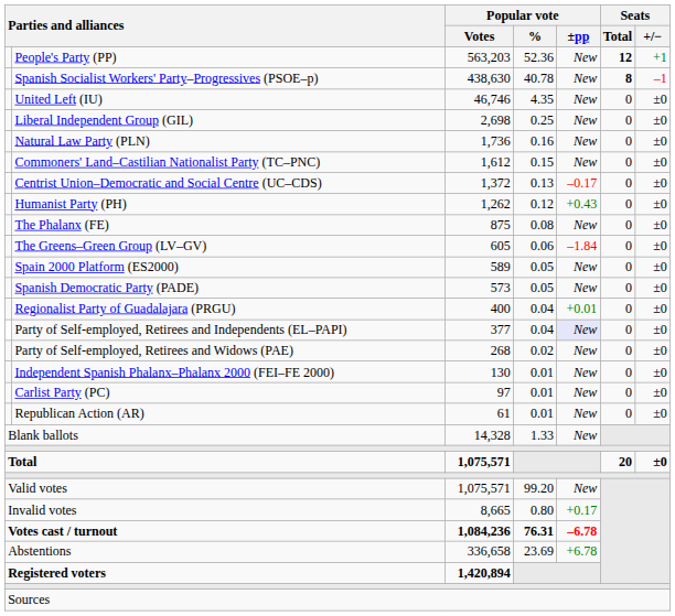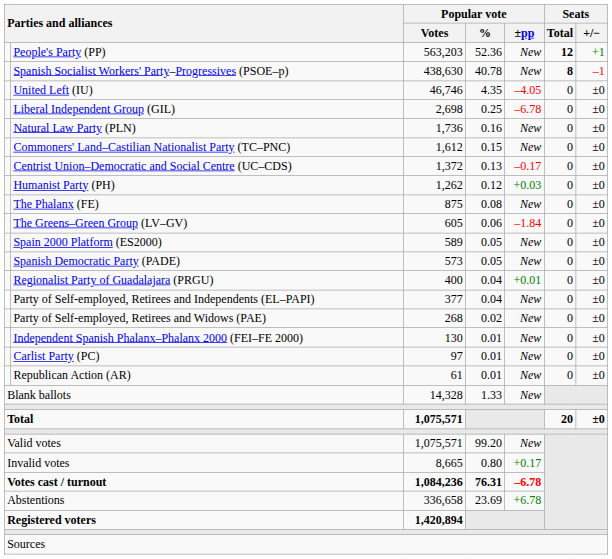 <table class="wikitable" style="text-align:right;">
 <tr>
 <th style="text-align:left;" rowspan="2" colspan="2" width="525">Parties and alliances</th>
 <th colspan="3">Popular vote</th>
 <th colspan="2">Seats</th>
 </tr>
 <tr>
 <th width="75">Votes</th>
 <th width="45">%</th>
 <th width="45">±<a href='#'>pp</a></th>
 <th width="35">Total</th>
 <th width="35">+/−</th>
 </tr>
 <tr>
 <td width="1" style="color:inherit;background:"></td>
 <td align="left"><a href='#'>People's Party</a> (PP)</td>
 <td>563,203</td>
 <td>52.36</td>
 <td><em>New</em></td>
 <td><strong>12</strong></td>
 <td style="color:green;">+1</td>
 </tr>
 <tr>
 <td style="color:inherit;background:"></td>
 <td align="left"><a href='#'>Spanish Socialist Workers' Party</a>–<a href='#'>Progressives</a> (PSOE–p)</td>
 <td>438,630</td>
 <td>40.78</td>
 <td><em>New</em></td>
 <td><strong>8</strong></td>
 <td style="color:red;">–1</td>
 </tr>
 <tr>
 <td style="color:inherit;background:"></td>
 <td align="left"><a href='#'>United Left</a> (IU)</td>
 <td>46,746</td>
 <td>4.35</td>
-<td><em>New</em></td>
+<td style="color:red;">–4.05</td>
 <td>0</td>
 <td>±0</td>
 </tr>
 <tr>
 <td style="color:inherit;background:"></td>
 <td align="left"><a href='#'>Liberal Independent Group</a> (GIL)</td>
 <td>2,698</td>
 <td>0.25</td>
-<td><em>New</em></td>
+<td style="color:red;">–6.78</td>
 <td>0</td>
 <td>±0</td>
 </tr>
 <tr>
 <td style="color:inherit;background:"></td>
 <td align="left"><a href='#'>Natural Law Party</a> (PLN)</td>
 <td>1,736</td>
 <td>0.16</td>
 <td><em>New</em></td>
 <td>0</td>
 <td>±0</td>
 </tr>
 <tr>
 <td style="color:inherit;background:"></td>
 <td align="left"><a href='#'>Commoners' Land–Castilian Nationalist Party</a> (TC–PNC)</td>
 <td>1,612</td>
 <td>0.15</td>
 <td><em>New</em></td>
 <td>0</td>
 <td>±0</td>
 </tr>
 <tr>
 <td style="color:inherit;background:"></td>
 <td align="left"><a href='#'>Centrist Union–Democratic and Social Centre</a> (UC–CDS)</td>
 <td>1,372</td>
 <td>0.13</td>
 <td style="color:red;">–0.17</td>
 <td>0</td>
 <td>±0</td>
 </tr>
 <tr>
 <td style="color:inherit;background:"></td>
 <td align="left"><a href='#'>Humanist Party</a> (PH)</td>
 <td>1,262</td>
 <td>0.12</td>
-<td style="color:green;">+0.43</td>
+<td style="color:green;">+0.03</td>
 <td>0</td>
 <td>±0</td>
 </tr>
 <tr>
 <td style="color:inherit;background:"></td>
 <td align="left"><a href='#'>The Phalanx</a> (FE)</td>
 <td>875</td>
 <td>0.08</td>
 <td><em>New</em></td>
 <td>0</td>
 <td>±0</td>
 </tr>
 <tr>
 <td style="color:inherit;background:"></td>
 <td align="left"><a href='#'>The Greens–Green Group</a> (LV–GV)</td>
 <td>605</td>
 <td>0.06</td>
 <td style="color:red;">–1.84</td>
 <td>0</td>
 <td>±0</td>
 </tr>
 <tr>
 <td style="color:inherit;background:"></td>
 <td align="left"><a href='#'>Spain 2000 Platform</a> (ES2000)</td>
 <td>589</td>
 <td>0.05</td>
 <td><em>New</em></td>
 <td>0</td>
 <td>±0</td>
 </tr>
 <tr>
 <td style="color:inherit;background:"></td>
 <td align="left"><a href='#'>Spanish Democratic Party</a> (PADE)</td>
 <td>573</td>
 <td>0.05</td>
 <td><em>New</em></td>
 <td>0</td>
 <td>±0</td>
 </tr>
 <tr>
 <td style="color:inherit;background:"></td>
 <td align="left"><a href='#'>Regionalist Party of Guadalajara</a> (PRGU)</td>
 <td>400</td>
 <td>0.04</td>
 <td style="color:green;">+0.01</td>
 <td>0</td>
 <td>±0</td>
 </tr>
 <tr>
 <td bgcolor="white"></td>
 <td align="left">Party of Self-employed, Retirees and Independents (EL–PAPI)</td>
 <td>377</td>
 <td>0.04</td>
-<td style="background: lavender;"><em>New</em></td>
+<td><em>New</em></td>
 <td>0</td>
 <td>±0</td>
 </tr>
 <tr>
 <td style="color:inherit;background:"></td>
 <td align="left">Party of Self-employed, Retirees and Widows (PAE)</td>
 <td>268</td>
 <td>0.02</td>
 <td><em>New</em></td>
 <td>0</td>
 <td>±0</td>
 </tr>
 <tr>
 <td style="color:inherit;background:"></td>
 <td align="left"><a href='#'>Independent Spanish Phalanx–Phalanx 2000</a> (FEI–FE 2000)</td>
 <td>130</td>
 <td>0.01</td>
 <td><em>New</em></td>
 <td>0</td>
 <td>±0</td>
 </tr>
 <tr>
 <td style="color:inherit;background:"></td>
 <td align="left"><a href='#'>Carlist Party</a> (PC)</td>
 <td>97</td>
 <td>0.01</td>
 <td><em>New</em></td>
 <td>0</td>
 <td>±0</td>
 </tr>
 <tr>
 <td style="color:inherit;background:"></td>
 <td align="left">Republican Action (AR)</td>
 <td>61</td>
 <td>0.01</td>
 <td><em>New</em></td>
 <td>0</td>
 <td>±0</td>
 </tr>
 <tr>
 <td align="left" colspan="2">Blank ballots</td>
 <td>14,328</td>
 <td>1.33</td>
 <td><em>New</em></td>
 <td bgcolor="#E9E9E9" colspan="2"></td>
 </tr>
 <tr>
 <td colspan="7" bgcolor="#E9E9E9"></td>
 </tr>
 <tr style="font-weight:bold;">
 <td align="left" colspan="2">Total</td>
 <td>1,075,571</td>
 <td bgcolor="#E9E9E9" colspan="2"></td>
 <td>20</td>
 <td>±0</td>
 </tr>
 <tr>
 <td colspan="7" bgcolor="#E9E9E9"></td>
 </tr>
 <tr>
 <td align="left" colspan="2">Valid votes</td>
 <td>1,075,571</td>
 <td>99.20</td>
 <td><em>New</em></td>
 <td bgcolor="#E9E9E9" colspan="2" rowspan="5"></td>
 </tr>
 <tr>
 <td align="left" colspan="2">Invalid votes</td>
 <td>8,665</td>
 <td>0.80</td>
 <td style="color:green;">+0.17</td>
 </tr>
 <tr style="font-weight:bold;">
 <td align="left" colspan="2">Votes cast / turnout</td>
 <td>1,084,236</td>
 <td>76.31</td>
 <td style="color:red;">–6.78</td>
 </tr>
 <tr>
 <td align="left" colspan="2">Abstentions</td>
 <td>336,658</td>
 <td>23.69</td>
 <td style="color:green;">+6.78</td>
 </tr>
 <tr style="font-weight:bold;">
 <td align="left" colspan="2">Registered voters</td>
 <td>1,420,894</td>
 <td bgcolor="#E9E9E9" colspan="2"></td>
 </tr>
 <tr>
 <td colspan="7" bgcolor="#E9E9E9"></td>
 </tr>
 <tr>
 <td align="left" colspan="7">Sources</td>
 </tr>
 </table>
